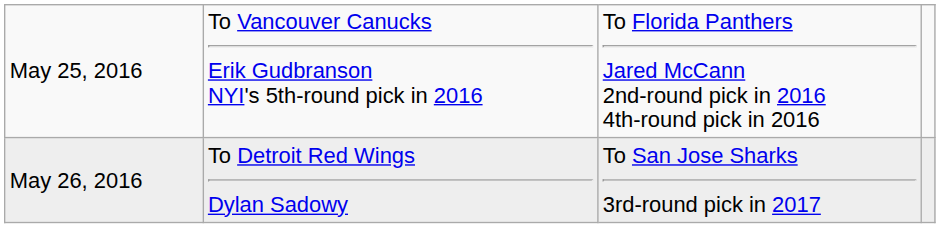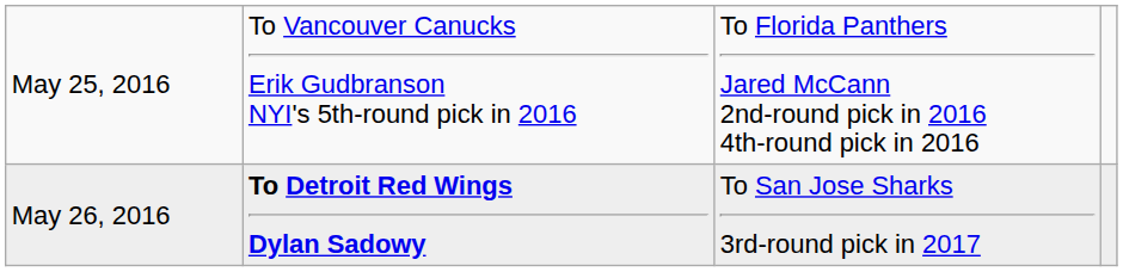 <table class="wikitable" style="border:1px solid #999999; width:680px;">
 <tr>
 <td>May 25, 2016</td>
 <td valign="top">To <a href='#'>Vancouver Canucks</a><hr> <a href='#'>Erik Gudbranson</a><br><a href='#'>NYI</a>'s 5th-round pick in <a href='#'>2016</a></td>
 <td valign="top">To <a href='#'>Florida Panthers</a><hr> <a href='#'>Jared McCann</a><br>2nd-round pick in <a href='#'>2016</a><br>4th-round pick in 2016</td>
 <td></td>
 </tr>
 <tr bgcolor="eeeeee">
 <td>May 26, 2016</td>
-<td valign="top">To <a href='#'>Detroit Red Wings</a><hr> <a href='#'>Dylan Sadowy</a></td>
+<td valign="top"><strong>To <a href='#'>Detroit Red Wings</a><hr> <a href='#'>Dylan Sadowy</a></strong></td>
 <td valign="top">To <a href='#'>San Jose Sharks</a><hr> 3rd-round pick in <a href='#'>2017</a></td>
 <td></td>
 </tr>
 </table>
